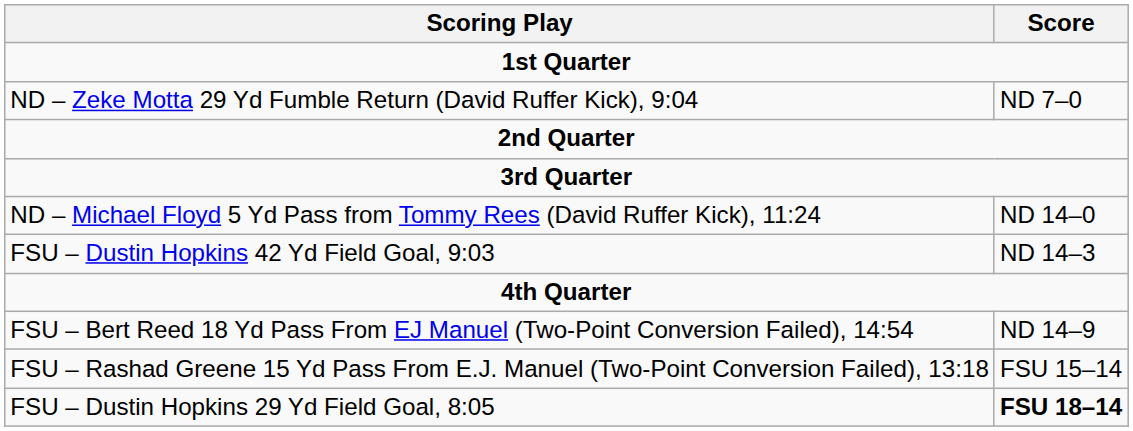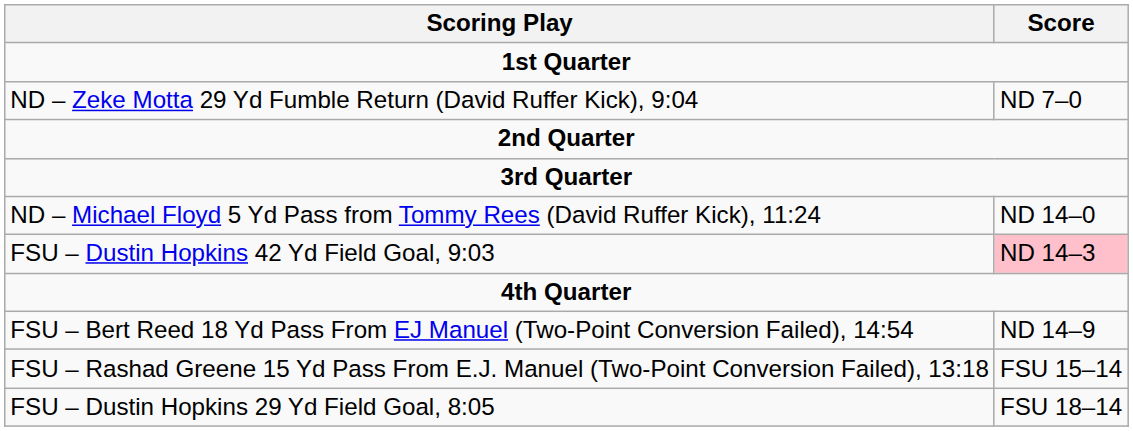 <table class="wikitable">
 <tr>
 <th>Scoring Play</th>
 <th>Score</th>
 </tr>
 <tr>
 <td colspan="4" align="center"><strong>1st Quarter</strong></td>
 </tr>
 <tr>
 <td>ND – <a href='#'>Zeke Motta</a> 29 Yd Fumble Return (David Ruffer Kick), 9:04</td>
 <td>ND 7–0</td>
 </tr>
 <tr>
 <td colspan="4" align="center"><strong>2nd Quarter</strong></td>
 </tr>
 <tr>
 <td colspan="4" align="center"><strong>3rd Quarter</strong></td>
 </tr>
 <tr>
 <td>ND – <a href='#'>Michael Floyd</a> 5 Yd Pass from <a href='#'>Tommy Rees</a> (David Ruffer Kick), 11:24</td>
 <td>ND 14–0</td>
 </tr>
 <tr>
 <td>FSU – <a href='#'>Dustin Hopkins</a> 42 Yd Field Goal, 9:03</td>
-<td>ND 14–3</td>
+<td style="background: pink;">ND 14–3</td>
 </tr>
 <tr>
 <td colspan="4" align="center"><strong>4th Quarter</strong></td>
 </tr>
 <tr>
 <td>FSU – Bert Reed 18 Yd Pass From <a href='#'>EJ Manuel</a> (Two-Point Conversion Failed), 14:54</td>
 <td>ND 14–9</td>
 </tr>
 <tr>
 <td>FSU – Rashad Greene 15 Yd Pass From E.J. Manuel (Two-Point Conversion Failed), 13:18</td>
 <td>FSU 15–14</td>
 </tr>
 <tr>
 <td>FSU – Dustin Hopkins 29 Yd Field Goal, 8:05</td>
-<td><strong>FSU 18–14</strong></td>
+<td>FSU 18–14</td>
 </tr>
 </table>
